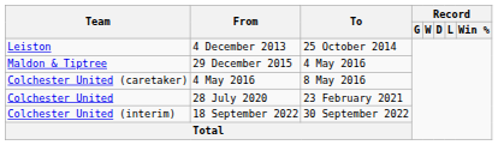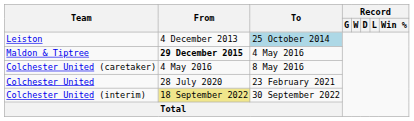 <table class="wikitable" style="text-align: center">
 <tr>
 <th rowspan="2">Team</th>
 <th rowspan="2">From</th>
 <th rowspan="2">To</th>
 <th colspan="6">Record</th>
 </tr>
 <tr>
 <th>G</th>
 <th>W</th>
 <th>D</th>
 <th>L</th>
 <th>Win %</th>
 </tr>
 <tr>
 <td align=left><a href='#'>Leiston</a></td>
 <td align=left>4 December 2013</td>
-<td align=left>25 October 2014<br></td>
+<td align=left style="background: lightblue;">25 October 2014<br></td>
 </tr>
 <tr>
 <td align=left><a href='#'>Maldon & Tiptree</a></td>
-<td align=left>29 December 2015</td>
+<td align=left><strong>29 December 2015</strong></td>
 <td align=left>4 May 2016<br></td>
 </tr>
 <tr>
 <td align=left><a href='#'>Colchester United</a> (caretaker)</td>
 <td align=left>4 May 2016</td>
 <td align=left>8 May 2016<br></td>
 </tr>
 <tr>
 <td align=left><a href='#'>Colchester United</a></td>
 <td align=left>28 July 2020</td>
 <td align=left>23 February 2021<br></td>
 </tr>
 <tr>
 <td align=left><a href='#'>Colchester United</a> (interim)</td>
-<td align=left>18 September 2022</td>
+<td align=left style="background: khaki;">18 September 2022</td>
 <td align=left>30 September 2022<br></td>
 </tr>
 <tr>
 <th colspan="3">Total<br></th>
 </tr>
 </table>
